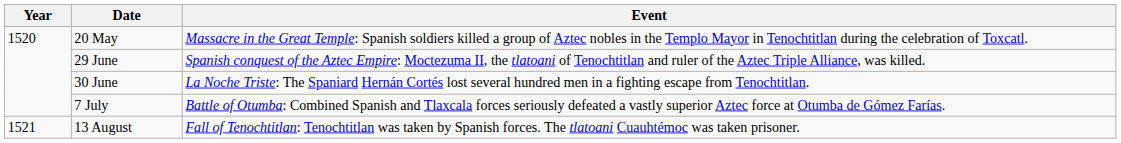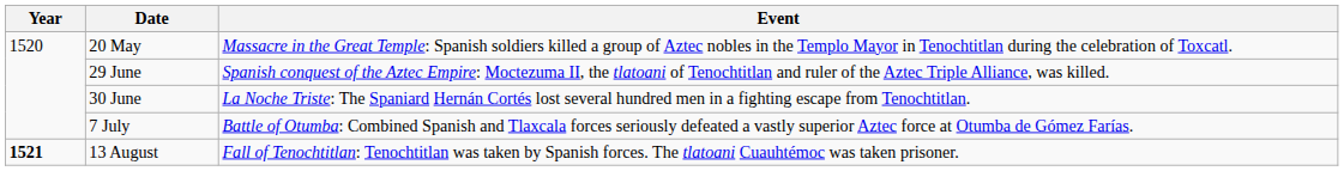 <table class="wikitable" width="100%">
 <tr>
 <th style="width:6%">Year</th>
 <th style="width:10%">Date</th>
 <th>Event</th>
 </tr>
 <tr>
 <td rowspan="4" valign="top">1520</td>
 <td>20 May</td>
 <td><em><a href='#'>Massacre in the Great Temple</a></em>: Spanish soldiers killed a group of <a href='#'>Aztec</a> nobles in the <a href='#'>Templo Mayor</a> in <a href='#'>Tenochtitlan</a> during the celebration of <a href='#'>Toxcatl</a>.</td>
 </tr>
 <tr>
 <td>29 June</td>
 <td><em><a href='#'>Spanish conquest of the Aztec Empire</a></em>: <a href='#'>Moctezuma II</a>, the <em><a href='#'>tlatoani</a></em> of <a href='#'>Tenochtitlan</a> and ruler of the <a href='#'>Aztec Triple Alliance</a>, was killed.</td>
 </tr>
 <tr>
 <td>30 June</td>
 <td><em><a href='#'>La Noche Triste</a></em>: The <a href='#'>Spaniard</a> <a href='#'>Hernán Cortés</a> lost several hundred men in a fighting escape from <a href='#'>Tenochtitlan</a>.</td>
 </tr>
 <tr>
 <td>7 July</td>
 <td><em><a href='#'>Battle of Otumba</a></em>: Combined Spanish and <a href='#'>Tlaxcala</a> forces seriously defeated a vastly superior <a href='#'>Aztec</a> force at <a href='#'>Otumba de Gómez Farías</a>.</td>
 </tr>
 <tr>
-<td>1521</td>
+<td><strong>1521</strong></td>
 <td>13 August</td>
 <td><em><a href='#'>Fall of Tenochtitlan</a></em>: <a href='#'>Tenochtitlan</a> was taken by Spanish forces.  The <em><a href='#'>tlatoani</a></em> <a href='#'>Cuauhtémoc</a> was taken prisoner.</td>
 </tr>
 </table>
